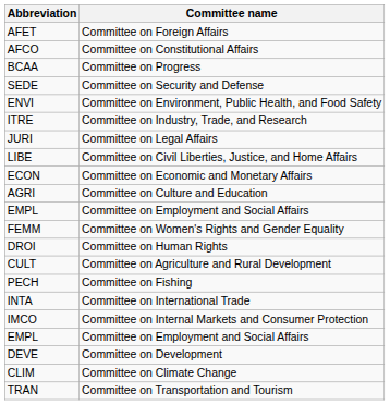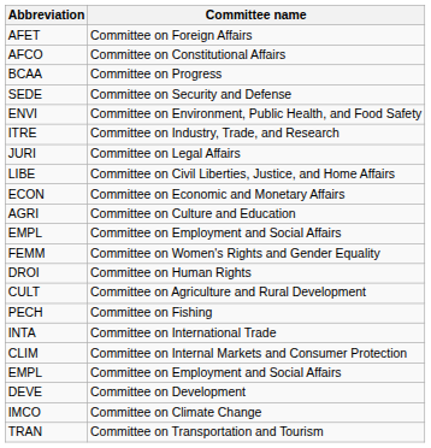 <table class="wikitable sortable">
 <tr>
 <th>Abbreviation</th>
 <th>Committee name</th>
 </tr>
 <tr>
 <td>AFET</td>
 <td>Committee on Foreign Affairs</td>
 </tr>
 <tr>
 <td>AFCO</td>
 <td>Committee on Constitutional Affairs</td>
 </tr>
 <tr>
 <td>BCAA</td>
 <td>Committee on Progress</td>
 </tr>
 <tr>
 <td>SEDE</td>
 <td>Committee on Security and Defense</td>
 </tr>
 <tr>
 <td>ENVI</td>
 <td>Committee on Environment, Public Health, and Food Safety</td>
 </tr>
 <tr>
 <td>ITRE</td>
 <td>Committee on Industry, Trade, and Research</td>
 </tr>
 <tr>
 <td>JURI</td>
 <td>Committee on Legal Affairs</td>
 </tr>
 <tr>
 <td>LIBE</td>
 <td>Committee on Civil Liberties, Justice, and Home Affairs</td>
 </tr>
 <tr>
 <td>ECON</td>
 <td>Committee on Economic and Monetary Affairs</td>
 </tr>
 <tr>
 <td>AGRI</td>
 <td>Committee on Culture and Education</td>
 </tr>
 <tr>
 <td>EMPL</td>
 <td>Committee on Employment and Social Affairs</td>
 </tr>
 <tr>
 <td>FEMM</td>
 <td>Committee on Women's Rights and Gender Equality</td>
 </tr>
 <tr>
 <td>DROI</td>
 <td>Committee on Human Rights</td>
 </tr>
 <tr>
 <td>CULT</td>
 <td>Committee on Agriculture and Rural Development</td>
 </tr>
 <tr>
 <td>PECH</td>
 <td>Committee on Fishing</td>
 </tr>
 <tr>
 <td>INTA</td>
 <td>Committee on International Trade</td>
 </tr>
 <tr>
-<td>IMCO</td>
+<td>CLIM</td>
 <td>Committee on Internal Markets and Consumer Protection</td>
 </tr>
 <tr>
 <td>EMPL</td>
 <td>Committee on Employment and Social Affairs</td>
 </tr>
 <tr>
 <td>DEVE</td>
 <td>Committee on Development</td>
 </tr>
 <tr>
-<td>CLIM</td>
+<td>IMCO</td>
 <td>Committee on Climate Change</td>
 </tr>
 <tr>
 <td>TRAN</td>
 <td>Committee on Transportation and Tourism</td>
 </tr>
 </table>
